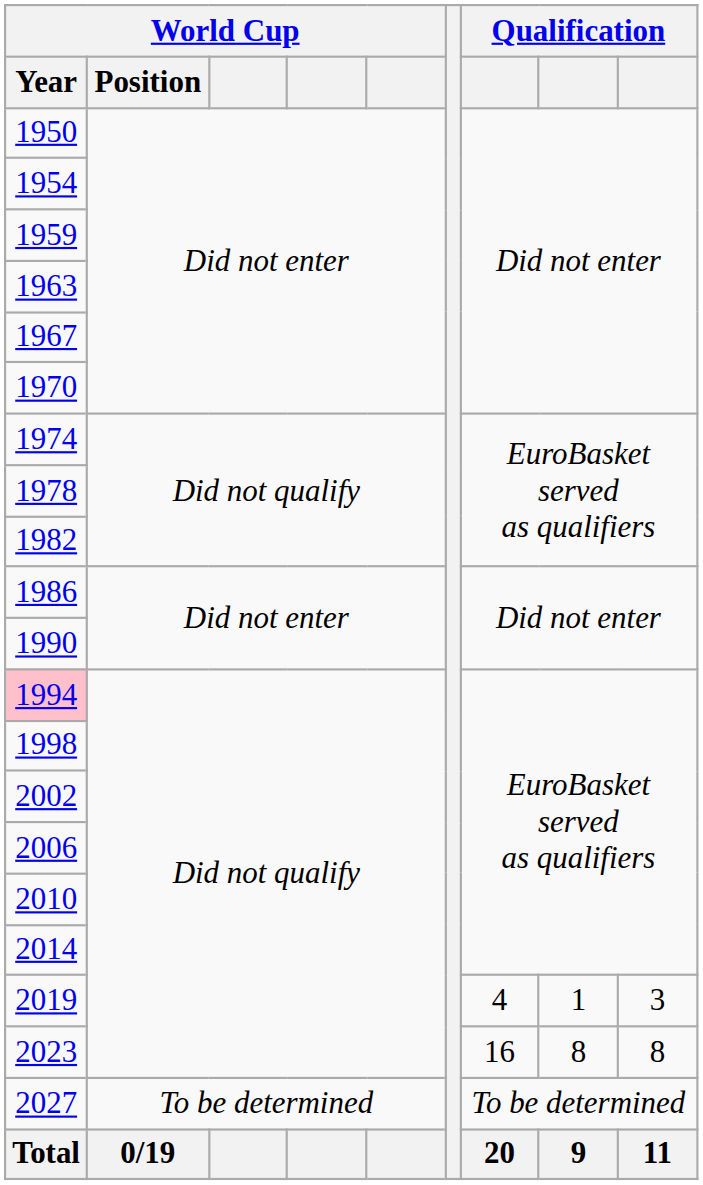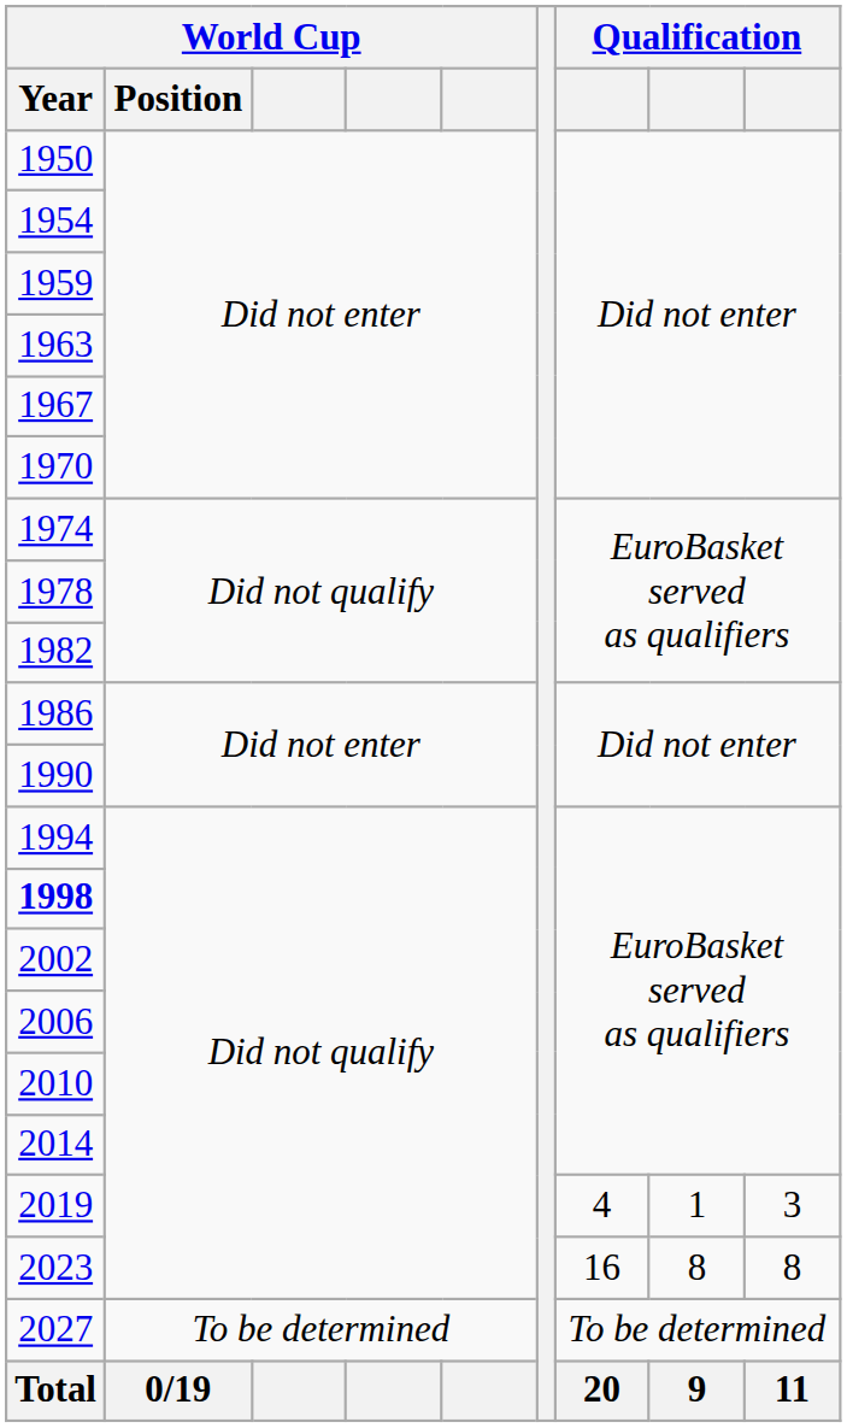 <table class="wikitable" style="text-align: center;font-size:90%;">
 <tr>
 <th colspan=5><a href='#'>World Cup</a></th>
 <th rowspan=23></th>
 <th colspan=3><a href='#'>Qualification</a></th>
 </tr>
 <tr>
 <th>Year</th>
 <th>Position</th>
 <th width=30></th>
 <th width=30></th>
 <th width=30></th>
 <th width=30></th>
 <th width=30></th>
 <th width=30></th>
 </tr>
 <tr>
 <td> <a href='#'>1950</a></td>
 <td colspan=4 rowspan=6><em>Did not enter</em></td>
 <td colspan=3 rowspan=6><em>Did not enter</em></td>
 </tr>
 <tr>
 <td> <a href='#'>1954</a></td>
 </tr>
 <tr>
 <td> <a href='#'>1959</a></td>
 </tr>
 <tr>
 <td> <a href='#'>1963</a></td>
 </tr>
 <tr>
 <td> <a href='#'>1967</a></td>
 </tr>
 <tr>
 <td> <a href='#'>1970</a></td>
 </tr>
 <tr>
 <td> <a href='#'>1974</a></td>
 <td colspan=4 rowspan=3><em>Did not qualify</em></td>
 <td colspan=3 rowspan=3><em>EuroBasket served<br>as qualifiers</em></td>
 </tr>
 <tr>
 <td> <a href='#'>1978</a></td>
 </tr>
 <tr>
 <td> <a href='#'>1982</a></td>
 </tr>
 <tr>
 <td> <a href='#'>1986</a></td>
 <td colspan=4 rowspan=2><em>Did not enter</em></td>
 <td colspan=3 rowspan=2><em>Did not enter</em></td>
 </tr>
 <tr>
 <td> <a href='#'>1990</a></td>
 </tr>
 <tr>
-<td style="background: pink;"> <a href='#'>1994</a></td>
+<td> <a href='#'>1994</a></td>
 <td colspan=4 rowspan=8><em>Did not qualify</em></td>
 <td colspan=3 rowspan=6><em>EuroBasket served<br>as qualifiers</em></td>
 </tr>
 <tr>
-<td> <a href='#'>1998</a></td>
+<td><strong> <a href='#'>1998</a></strong></td>
 </tr>
 <tr>
 <td> <a href='#'>2002</a></td>
 </tr>
 <tr>
 <td> <a href='#'>2006</a></td>
 </tr>
 <tr>
 <td> <a href='#'>2010</a></td>
 </tr>
 <tr>
 <td> <a href='#'>2014</a></td>
 </tr>
 <tr>
 <td> <a href='#'>2019</a></td>
 <td>4</td>
 <td>1</td>
 <td>3</td>
 </tr>
 <tr>
 <td> <a href='#'>2023</a></td>
 <td>16</td>
 <td>8</td>
 <td>8</td>
 </tr>
 <tr>
 <td> <a href='#'>2027</a></td>
 <td colspan=4><em>To be determined</em></td>
 <td colspan=3><em>To be determined</em></td>
 </tr>
 <tr>
 <th>Total</th>
 <th>0/19</th>
 <th></th>
 <th></th>
 <th></th>
 <th>20</th>
 <th>9</th>
 <th>11</th>
 </tr>
 </table>
